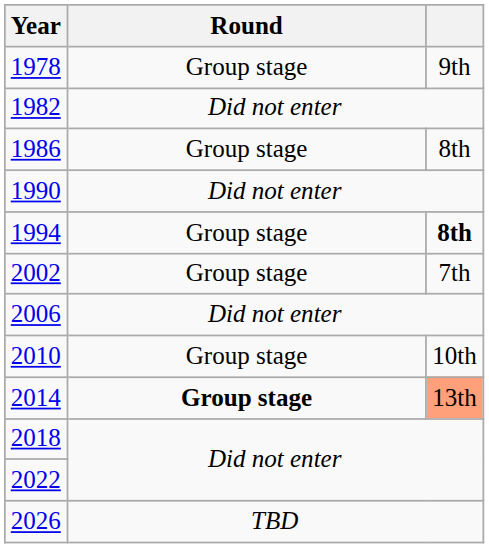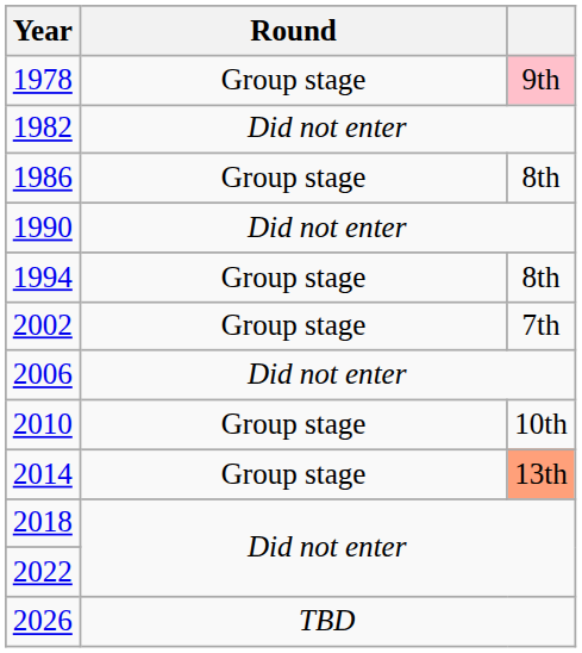 <table class="wikitable" style="text-align: center; font-size:90%">
 <tr>
 <th>Year</th>
 <th style="width:200px">Round</th>
 <th></th>
 </tr>
 <tr>
 <td><a href='#'>1978</a></td>
 <td>Group stage</td>
-<td>9th</td>
+<td style="background: pink;">9th</td>
 </tr>
 <tr>
 <td><a href='#'>1982</a></td>
 <td colspan="2"><em>Did not enter</em></td>
 </tr>
 <tr>
 <td><a href='#'>1986</a></td>
 <td>Group stage</td>
 <td>8th</td>
 </tr>
 <tr>
 <td><a href='#'>1990</a></td>
 <td colspan="2"><em>Did not enter</em></td>
 </tr>
 <tr>
 <td><a href='#'>1994</a></td>
 <td>Group stage</td>
-<td><strong>8th</strong></td>
+<td>8th</td>
 </tr>
 <tr>
 <td><a href='#'>2002</a></td>
 <td>Group stage</td>
 <td>7th</td>
 </tr>
 <tr>
 <td><a href='#'>2006</a></td>
 <td colspan="2"><em>Did not enter</em></td>
 </tr>
 <tr>
 <td><a href='#'>2010</a></td>
 <td>Group stage</td>
 <td>10th</td>
 </tr>
 <tr>
 <td><a href='#'>2014</a></td>
-<td><strong>Group stage</strong></td>
+<td>Group stage</td>
 <td style="background: lightsalmon;">13th</td>
 </tr>
 <tr>
 <td><a href='#'>2018</a></td>
 <td colspan="2" rowspan="2"><em>Did not enter</em></td>
 </tr>
 <tr>
 <td><a href='#'>2022</a></td>
 </tr>
 <tr>
 <td><a href='#'>2026</a></td>
 <td colspan="2"><em>TBD</em></td>
 </tr>
 </table>
